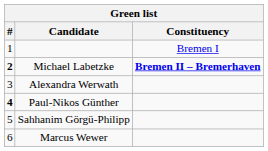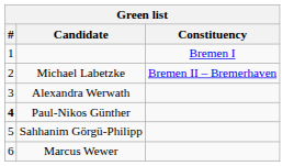 <table class="wikitable mw-collapsible mw-collapsed" style="text-align:center">
 <tr>
 <th colspan=3>Green list</th>
 </tr>
 <tr>
 <th>#</th>
 <th>Candidate</th>
 <th>Constituency</th>
 </tr>
 <tr>
 <td>1</td>
 <td></td>
 <td><a href='#'>Bremen I</a></td>
 </tr>
 <tr>
-<td><strong>2</strong></td>
+<td>2</td>
 <td>Michael Labetzke</td>
-<td><strong><a href='#'>Bremen II – Bremerhaven</a></strong></td>
+<td><a href='#'>Bremen II – Bremerhaven</a></td>
 </tr>
 <tr>
 <td>3</td>
 <td>Alexandra Werwath</td>
 <td></td>
 </tr>
 <tr>
 <td><strong>4</strong></td>
 <td>Paul-Nikos Günther</td>
 <td></td>
 </tr>
 <tr>
 <td>5</td>
 <td>Sahhanim Görgü-Philipp</td>
 <td></td>
 </tr>
 <tr>
 <td>6</td>
 <td>Marcus Wewer</td>
 <td></td>
 </tr>
 </table>
